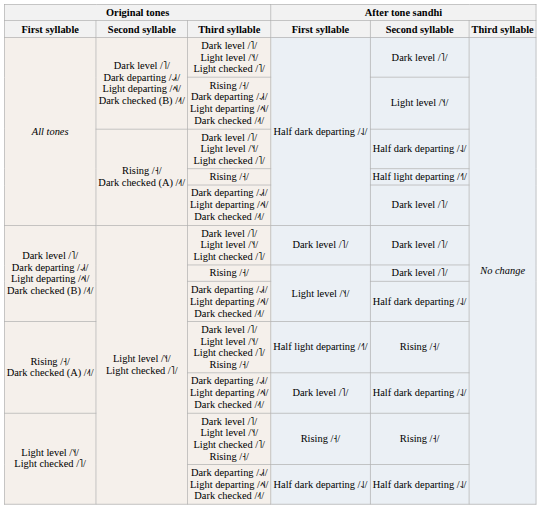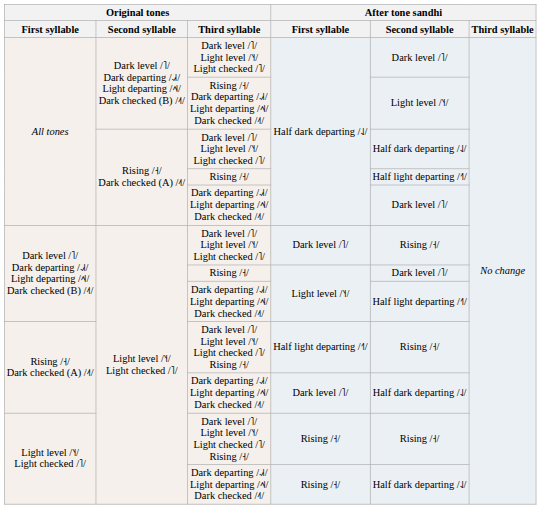 <table class="wikitable mw-collapsible" style="text-align:center">
 <tr>
 <th colspan=3>Original tones</th>
 <th colspan=3>After tone sandhi</th>
 </tr>
 <tr>
 <th>First syllable</th>
 <th>Second syllable</th>
 <th>Third syllable</th>
 <th>First syllable</th>
 <th>Second syllable</th>
 <th>Third syllable</th>
 </tr>
 <tr>
 <td rowspan=5 bgcolor="#F5F0EB"><em>All tones</em></td>
 <td rowspan=2 bgcolor="#F5F0EB">Dark level /˥/<br>Dark departing /˨˩˧/<br>Light departing /˨˦˨/<br>Dark checked (B) /˨˦/</td>
 <td bgcolor="#F5F0EB">Dark level /˥/<br>Light level /˥˧/<br>Light checked /˥/</td>
 <td rowspan=5 bgcolor="#EBF0F5">Half dark departing /˨˩/</td>
 <td bgcolor="#EBF0F5">Dark level /˥/</td>
 <td rowspan=12 bgcolor="#EBF0F5"><em>No change</em></td>
 </tr>
 <tr>
 <td bgcolor="#F5F0EB">Rising /˧/<br>Dark departing /˨˩˧/<br>Light departing /˨˦˨/<br>Dark checked /˨˦/</td>
 <td bgcolor="#EBF0F5">Light level /˥˧/</td>
 </tr>
 <tr>
 <td rowspan=3 bgcolor="#F5F0EB">Rising /˧/<br>Dark checked (A) /˨˦/</td>
 <td bgcolor="#F5F0EB">Dark level /˥/<br>Light level /˥˧/<br>Light checked /˥/</td>
 <td bgcolor="#EBF0F5">Half dark departing /˨˩/</td>
 </tr>
 <tr>
 <td bgcolor="#F5F0EB">Rising /˧/</td>
 <td bgcolor="#EBF0F5">Half light departing /˧˥/</td>
 </tr>
 <tr>
 <td bgcolor="#F5F0EB">Dark departing /˨˩˧/<br>Light departing /˨˦˨/<br>Dark checked /˨˦/</td>
 <td bgcolor="#EBF0F5">Dark level /˥/</td>
 </tr>
 <tr>
 <td rowspan=3 bgcolor="#F5F0EB">Dark level /˥/<br>Dark departing /˨˩˧/<br>Light departing /˨˦˨/<br>Dark checked (B) /˨˦/</td>
 <td rowspan=7 bgcolor="#F5F0EB">Light level /˥˧/<br>Light checked /˥/</td>
 <td bgcolor="#F5F0EB">Dark level /˥/<br>Light level /˥˧/<br>Light checked /˥/</td>
 <td bgcolor="#EBF0F5">Dark level /˥/</td>
-<td bgcolor="#EBF0F5">Dark level /˥/</td>
+<td bgcolor="#EBF0F5">Rising /˧/</td>
 </tr>
 <tr>
 <td bgcolor="#F5F0EB">Rising /˧/</td>
 <td rowspan=2 bgcolor="#EBF0F5">Light level /˥˧/</td>
 <td bgcolor="#EBF0F5">Dark level /˥/</td>
 </tr>
 <tr>
 <td bgcolor="#F5F0EB">Dark departing /˨˩˧/<br>Light departing /˨˦˨/<br>Dark checked /˨˦/</td>
-<td bgcolor="#EBF0F5">Half dark departing /˨˩/</td>
+<td bgcolor="#EBF0F5">Half light departing /˧˥/</td>
 </tr>
 <tr>
 <td rowspan=2 bgcolor="#F5F0EB">Rising /˧/<br>Dark checked (A) /˨˦/</td>
 <td bgcolor="#F5F0EB">Dark level /˥/<br>Light level /˥˧/<br>Light checked /˥/<br>Rising /˧/</td>
 <td bgcolor="#EBF0F5">Half light departing /˧˥/</td>
 <td bgcolor="#EBF0F5">Rising /˧/</td>
 </tr>
 <tr>
 <td bgcolor="#F5F0EB">Dark departing /˨˩˧/<br>Light departing /˨˦˨/<br>Dark checked /˨˦/</td>
 <td bgcolor="#EBF0F5">Dark level /˥/</td>
 <td bgcolor="#EBF0F5">Half dark departing /˨˩/</td>
 </tr>
 <tr>
 <td rowspan=2 bgcolor="#F5F0EB">Light level /˥˧/<br>Light checked /˥/</td>
 <td bgcolor="#F5F0EB">Dark level /˥/<br>Light level /˥˧/<br>Light checked /˥/<br>Rising /˧/</td>
 <td bgcolor="#EBF0F5">Rising /˧/</td>
 <td bgcolor="#EBF0F5">Rising /˧/</td>
 </tr>
 <tr>
 <td bgcolor="#F5F0EB">Dark departing /˨˩˧/<br>Light departing /˨˦˨/<br>Dark checked /˨˦/</td>
-<td bgcolor="#EBF0F5">Half dark departing /˨˩/</td>
+<td bgcolor="#EBF0F5">Rising /˧/</td>
 <td bgcolor="#EBF0F5">Half dark departing /˨˩/</td>
 </tr>
 </table>
